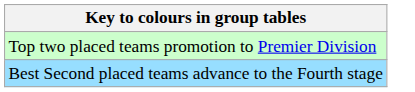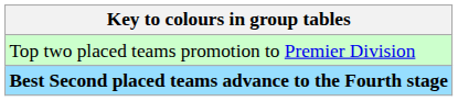 <table class="wikitable">
 <tr>
 <th>Key to colours in group tables</th>
 </tr>
 <tr bgcolor=#ccffcc>
 <td>Top two placed teams promotion to <a href='#'>Premier Division</a></td>
 </tr>
 <tr bgcolor=#97deff>
-<td>Best Second placed teams advance to the Fourth stage</td>
+<td><strong>Best Second placed teams advance to the Fourth stage</strong></td>
 </tr>
 </table>
